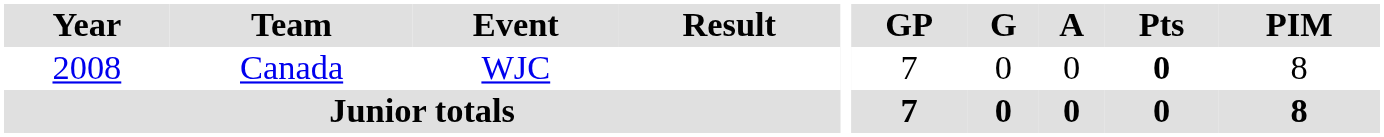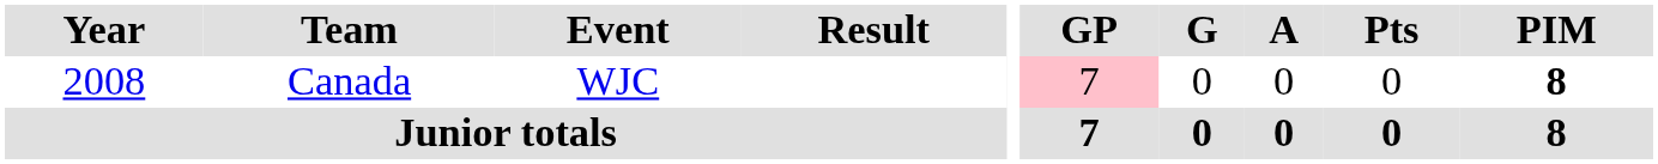 <table border="0" cellpadding="1" cellspacing="0" ID="Table3" style="text-align:center; width:40em">
 <tr ALIGN="center" bgcolor="#e0e0e0">
 <th>Year</th>
 <th>Team</th>
 <th>Event</th>
 <th>Result</th>
 <th rowspan="99" bgcolor="#ffffff"></th>
 <th>GP</th>
 <th>G</th>
 <th>A</th>
 <th>Pts</th>
 <th>PIM</th>
 </tr>
 <tr>
 <td><a href='#'>2008</a></td>
 <td><a href='#'>Canada</a></td>
 <td><a href='#'>WJC</a></td>
 <td></td>
-<td>7</td>
+<td style="background: pink;">7</td>
 <td>0</td>
 <td>0</td>
-<td><strong>0</strong></td>
-<td>8</td>
+<td>0</td>
+<td><strong>8</strong></td>
 </tr>
 <tr bgcolor="#e0e0e0">
 <th colspan="4">Junior totals</th>
 <th>7</th>
 <th>0</th>
 <th>0</th>
 <th>0</th>
 <th>8</th>
 </tr>
 </table>
